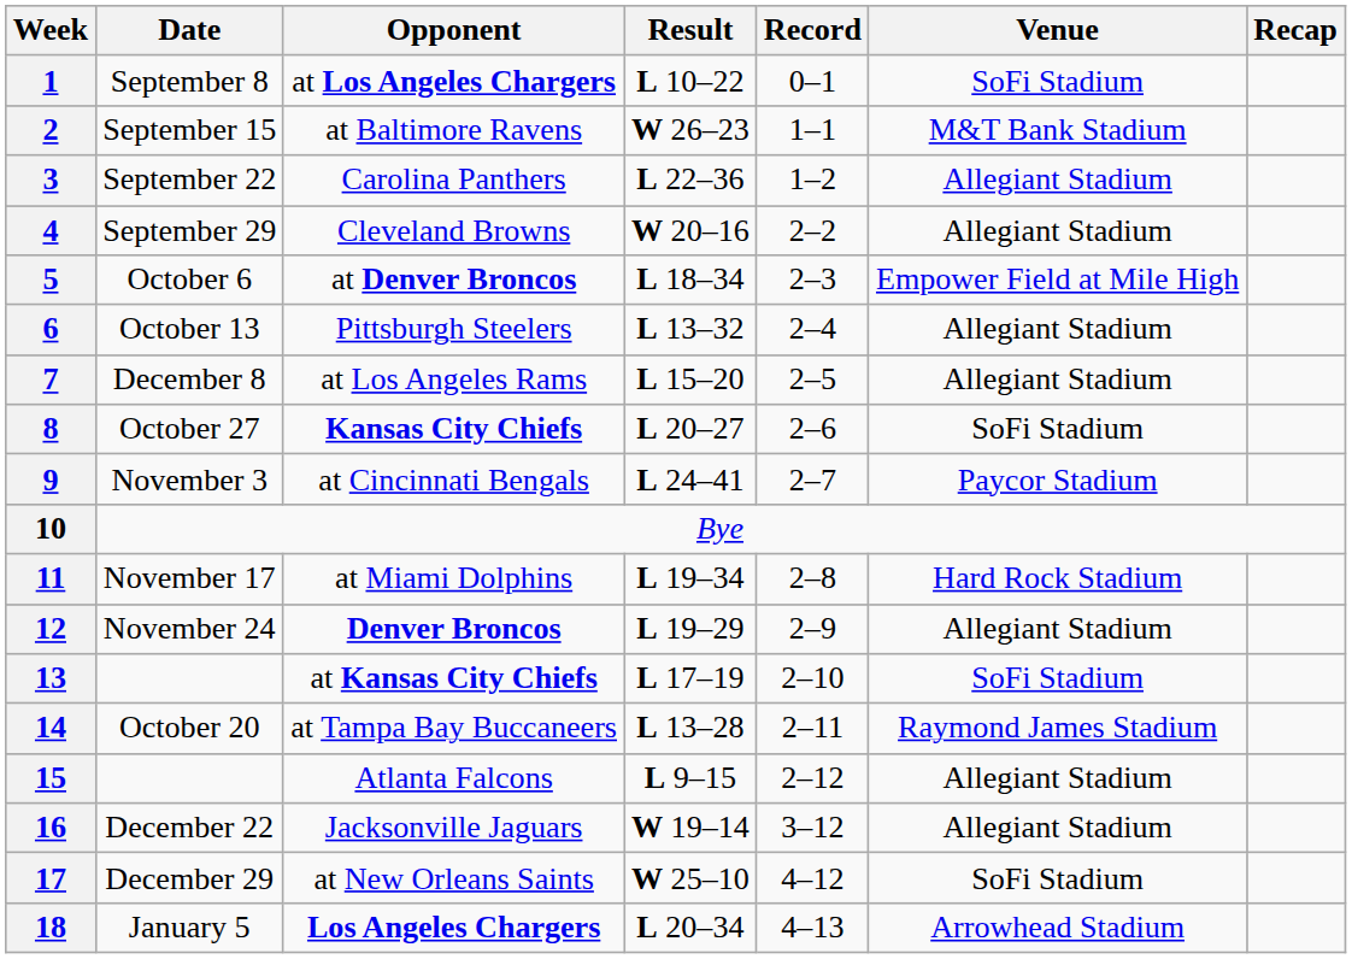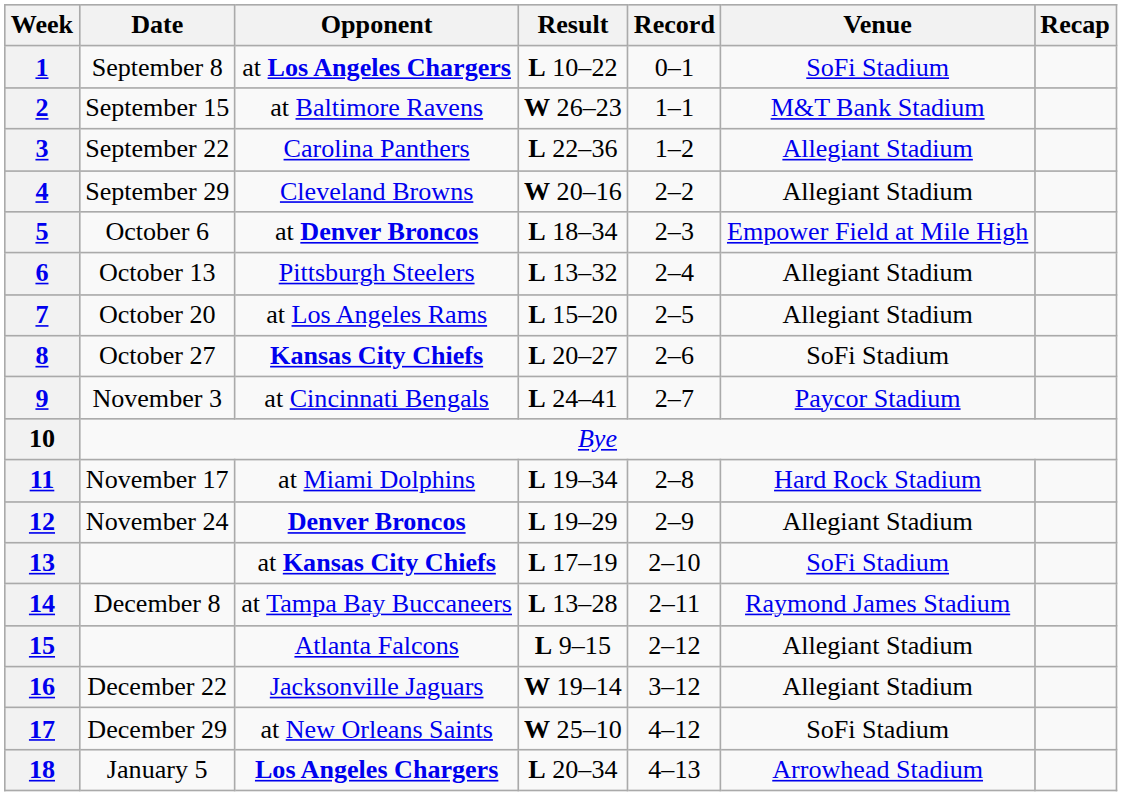 <table class="wikitable" style="text-align:center">
 <tr>
 <th>Week</th>
 <th>Date</th>
 <th>Opponent</th>
 <th>Result</th>
 <th>Record</th>
 <th>Venue</th>
 <th>Recap</th>
 </tr>
 <tr>
 <th><a href='#'>1</a></th>
 <td>September 8</td>
 <td>at <strong><a href='#'>Los Angeles Chargers</a></strong></td>
 <td><strong>L</strong> 10–22</td>
 <td>0–1</td>
 <td><a href='#'>SoFi Stadium</a></td>
 <td></td>
 </tr>
 <tr>
 <th><a href='#'>2</a></th>
 <td>September 15</td>
 <td>at <a href='#'>Baltimore Ravens</a></td>
 <td><strong>W</strong> 26–23</td>
 <td>1–1</td>
 <td><a href='#'>M&T Bank Stadium</a></td>
 <td></td>
 </tr>
 <tr>
 <th><a href='#'>3</a></th>
 <td>September 22</td>
 <td><a href='#'>Carolina Panthers</a></td>
 <td><strong>L</strong> 22–36</td>
 <td>1–2</td>
 <td><a href='#'>Allegiant Stadium</a></td>
 <td></td>
 </tr>
 <tr>
 <th><a href='#'>4</a></th>
 <td>September 29</td>
 <td><a href='#'>Cleveland Browns</a></td>
 <td><strong>W</strong> 20–16</td>
 <td>2–2</td>
 <td>Allegiant Stadium</td>
 <td></td>
 </tr>
 <tr>
 <th><a href='#'>5</a></th>
 <td>October 6</td>
 <td>at <strong><a href='#'>Denver Broncos</a></strong></td>
 <td><strong>L</strong> 18–34</td>
 <td>2–3</td>
 <td><a href='#'>Empower Field at Mile High</a></td>
 <td></td>
 </tr>
 <tr>
 <th><a href='#'>6</a></th>
 <td>October 13</td>
 <td><a href='#'>Pittsburgh Steelers</a></td>
 <td><strong>L</strong> 13–32</td>
 <td>2–4</td>
 <td>Allegiant Stadium</td>
 <td></td>
 </tr>
 <tr>
 <th><a href='#'>7</a></th>
-<td>December 8</td>
+<td>October 20</td>
 <td>at <a href='#'>Los Angeles Rams</a></td>
 <td><strong>L</strong> 15–20</td>
 <td>2–5</td>
 <td>Allegiant Stadium</td>
 <td></td>
 </tr>
 <tr>
 <th><a href='#'>8</a></th>
 <td>October 27</td>
 <td><strong><a href='#'>Kansas City Chiefs</a></strong></td>
 <td><strong>L</strong> 20–27</td>
 <td>2–6</td>
 <td>SoFi Stadium</td>
 <td></td>
 </tr>
 <tr>
 <th><a href='#'>9</a></th>
 <td>November 3</td>
 <td>at <a href='#'>Cincinnati Bengals</a></td>
 <td><strong>L</strong> 24–41</td>
 <td>2–7</td>
 <td><a href='#'>Paycor Stadium</a></td>
 <td></td>
 </tr>
 <tr>
 <th>10</th>
 <td colspan="6"><em><a href='#'>Bye</a></em></td>
 </tr>
 <tr>
 <th><a href='#'>11</a></th>
 <td>November 17</td>
 <td>at <a href='#'>Miami Dolphins</a></td>
 <td><strong>L</strong> 19–34</td>
 <td>2–8</td>
 <td><a href='#'>Hard Rock Stadium</a></td>
 <td></td>
 </tr>
 <tr>
 <th><a href='#'>12</a></th>
 <td>November 24</td>
 <td><strong><a href='#'>Denver Broncos</a></strong></td>
 <td><strong>L</strong> 19–29</td>
 <td>2–9</td>
 <td>Allegiant Stadium</td>
 <td></td>
 </tr>
 <tr>
 <th><a href='#'>13</a></th>
 <td></td>
 <td>at <strong><a href='#'>Kansas City Chiefs</a></strong></td>
 <td><strong>L</strong> 17–19</td>
 <td>2–10</td>
 <td><a href='#'>SoFi Stadium</a></td>
 <td></td>
 </tr>
 <tr>
 <th><a href='#'>14</a></th>
-<td>October 20</td>
+<td>December 8</td>
 <td>at <a href='#'>Tampa Bay Buccaneers</a></td>
 <td><strong>L</strong> 13–28</td>
 <td>2–11</td>
 <td><a href='#'>Raymond James Stadium</a></td>
 <td></td>
 </tr>
 <tr>
 <th><a href='#'>15</a></th>
 <td></td>
 <td><a href='#'>Atlanta Falcons</a></td>
 <td><strong>L</strong> 9–15</td>
 <td>2–12</td>
 <td>Allegiant Stadium</td>
 <td></td>
 </tr>
 <tr>
 <th><a href='#'>16</a></th>
 <td>December 22</td>
 <td><a href='#'>Jacksonville Jaguars</a></td>
 <td><strong>W</strong> 19–14</td>
 <td>3–12</td>
 <td>Allegiant Stadium</td>
 <td></td>
 </tr>
 <tr>
 <th><a href='#'>17</a></th>
 <td>December 29</td>
 <td>at <a href='#'>New Orleans Saints</a></td>
 <td><strong>W</strong> 25–10</td>
 <td>4–12</td>
 <td>SoFi Stadium</td>
 <td></td>
 </tr>
 <tr>
 <th><a href='#'>18</a></th>
 <td>January 5</td>
 <td><strong><a href='#'>Los Angeles Chargers</a></strong></td>
 <td><strong>L</strong> 20–34</td>
 <td>4–13</td>
 <td><a href='#'>Arrowhead Stadium</a></td>
 <td></td>
 </tr>
 </table>
